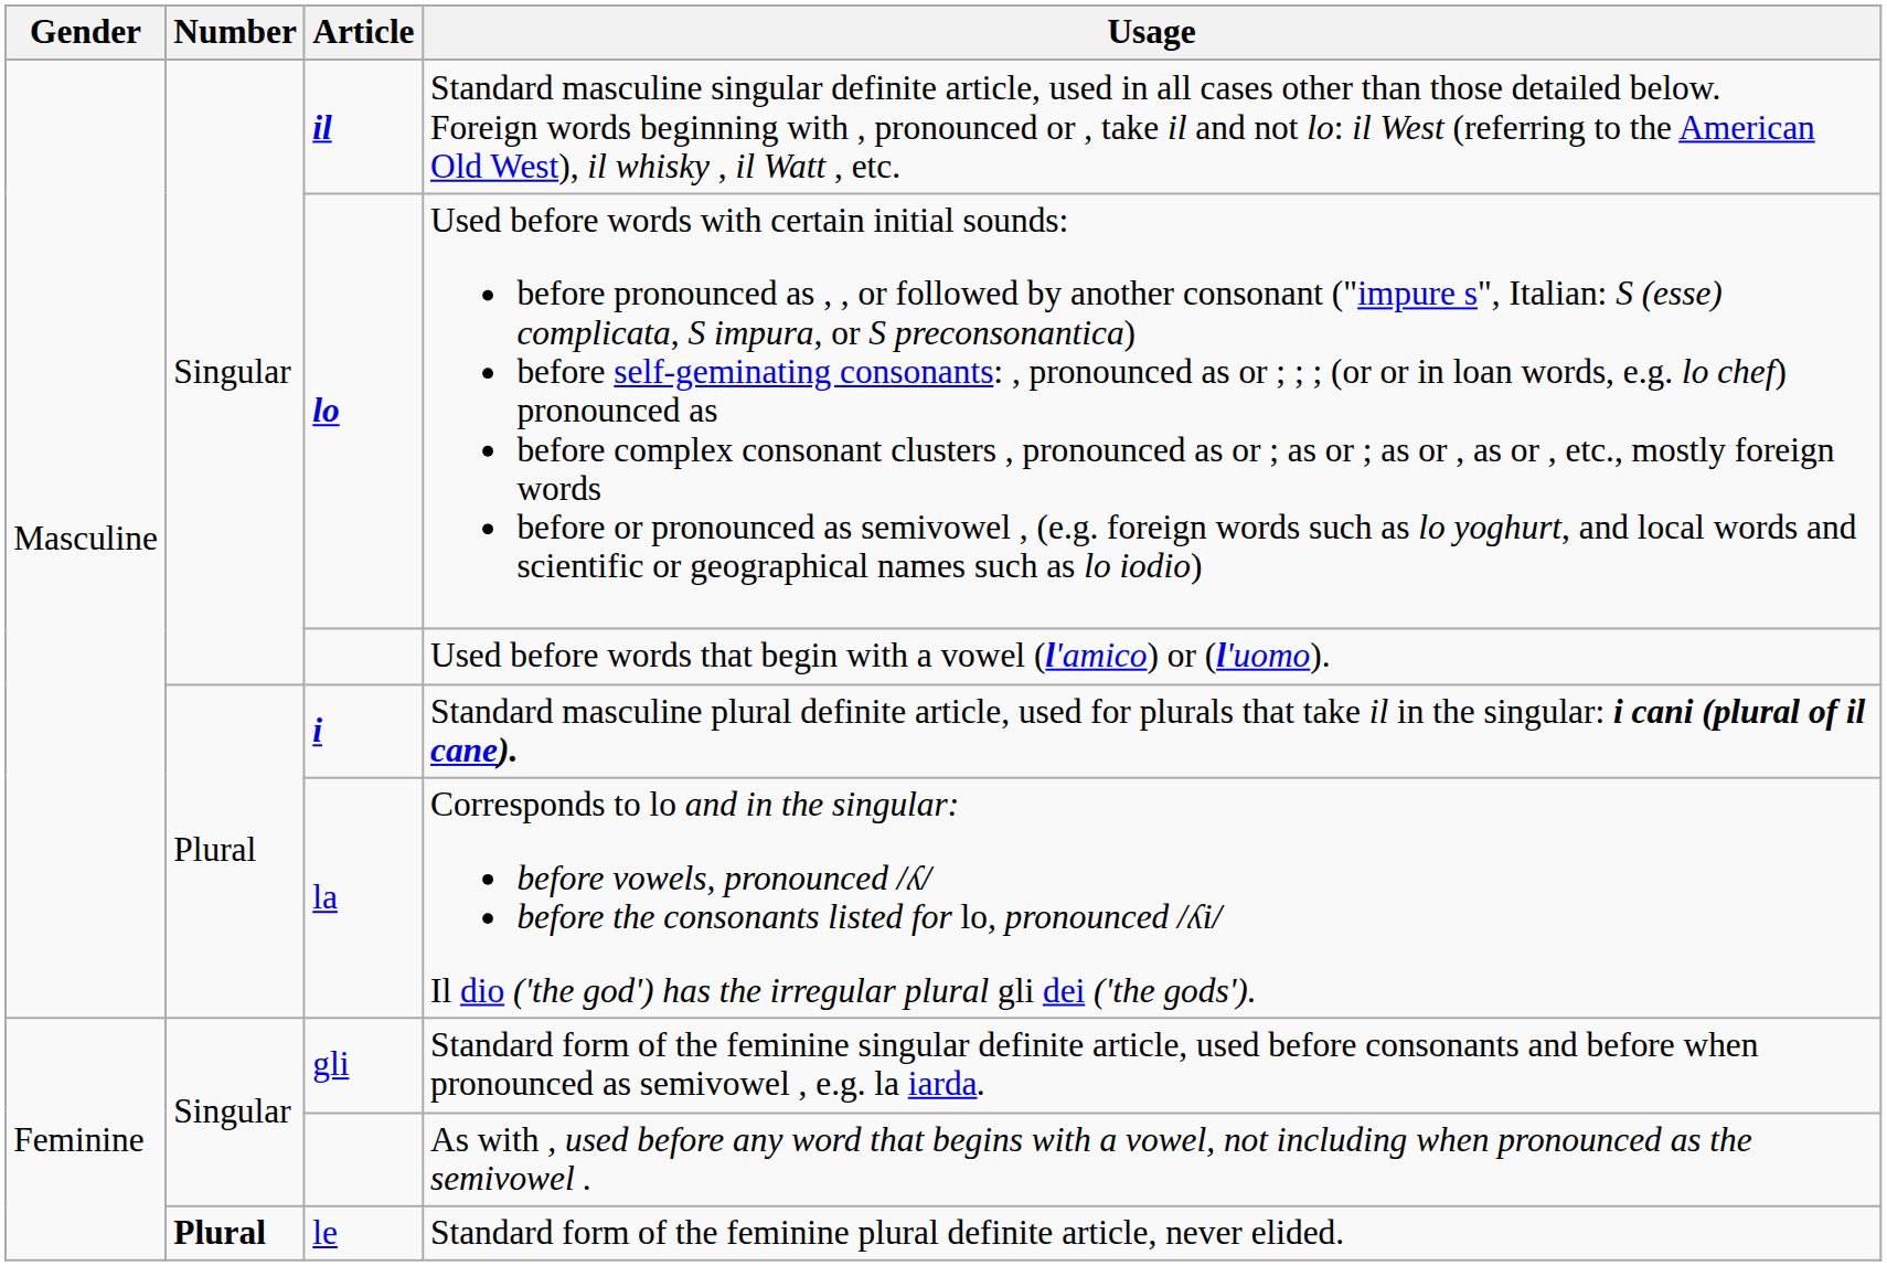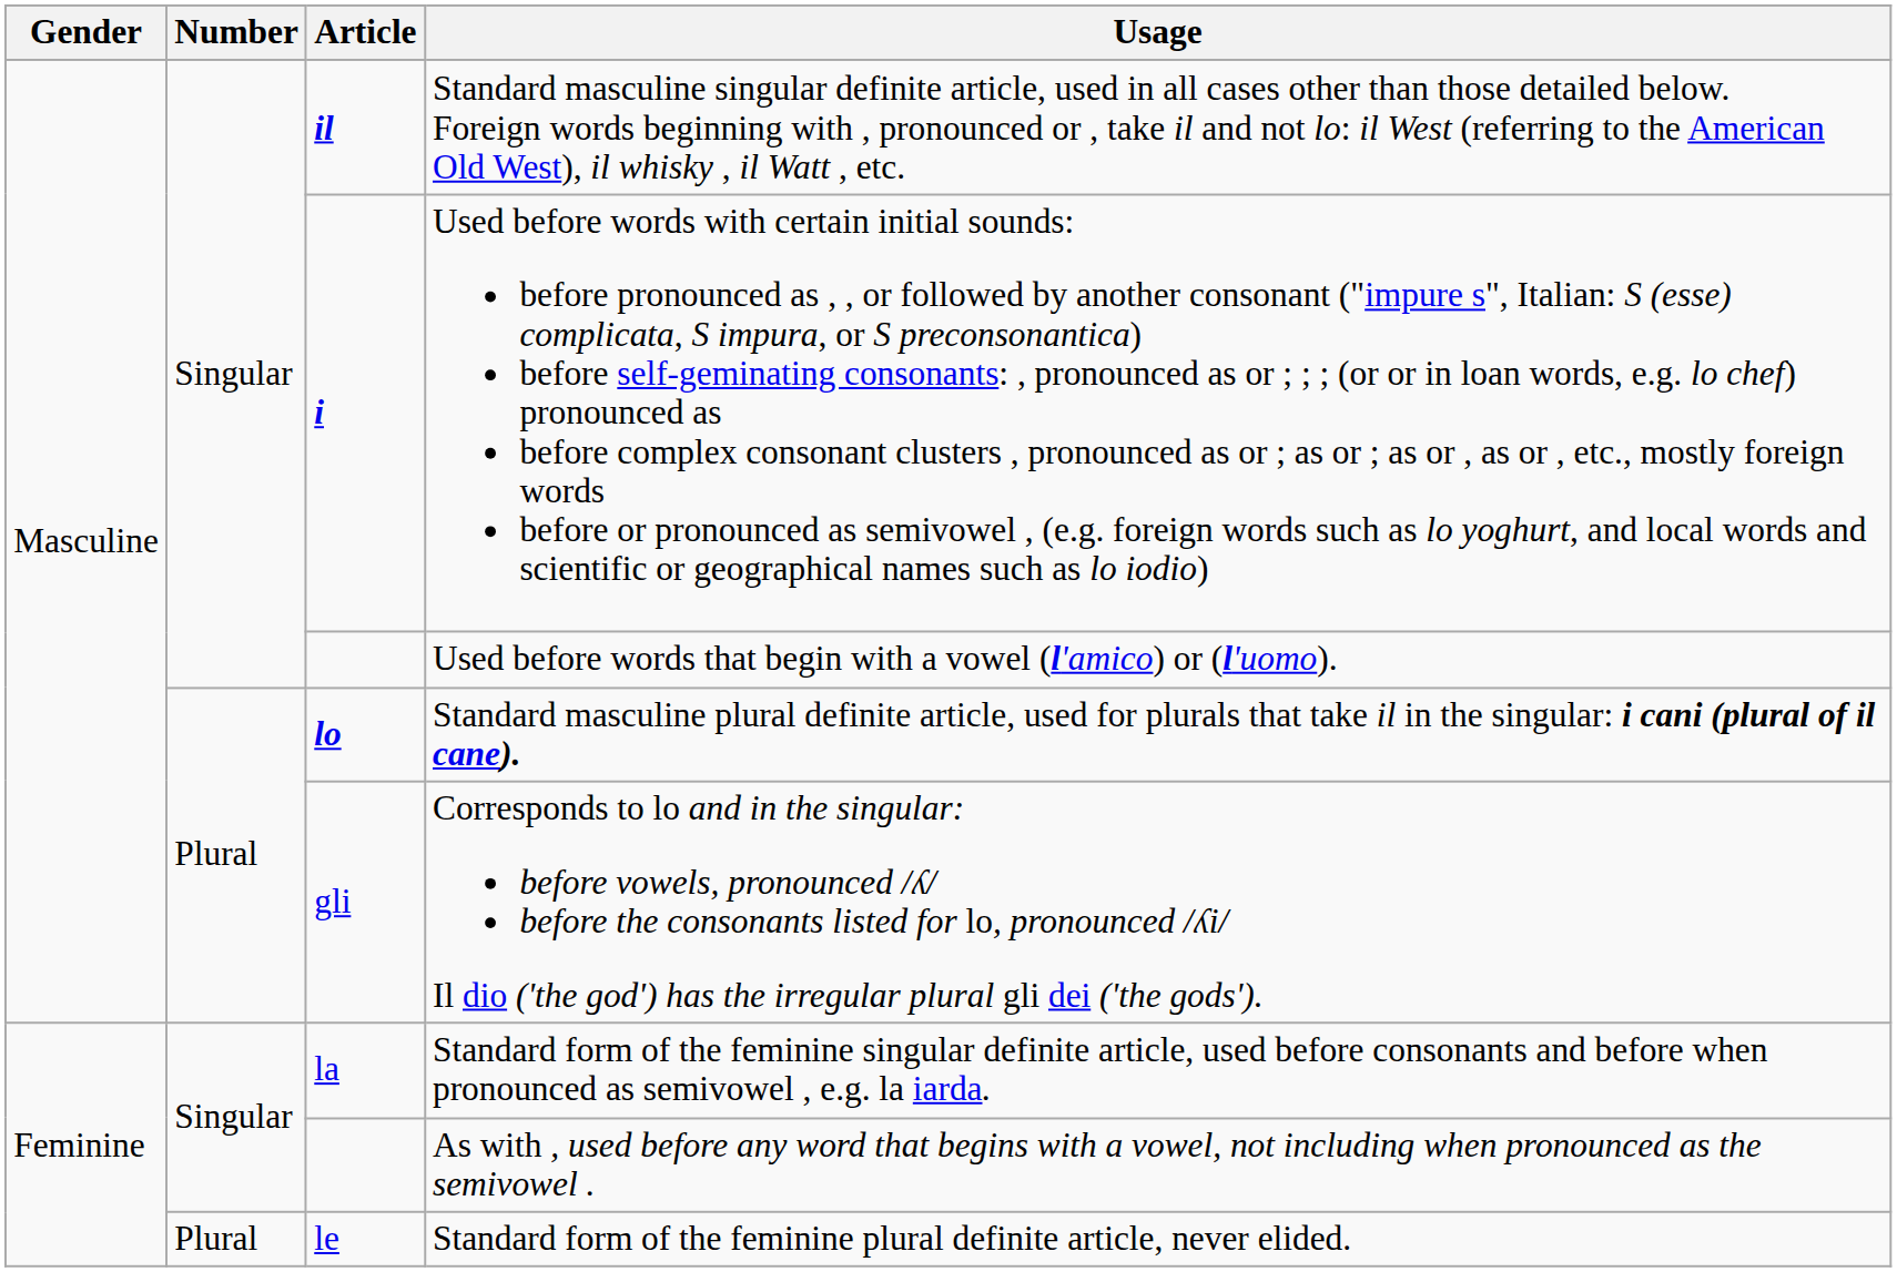 <table class="wikitable" border="1">
 <tr>
 <th>Gender</th>
 <th>Number</th>
 <th>Article</th>
 <th>Usage</th>
 </tr>
 <tr>
 <td rowspan=5>Masculine</td>
 <td rowspan=3>Singular</td>
 <td><em><a href='#'><strong>il</strong></a></em></td>
 <td>Standard masculine singular definite article, used in all cases other than those detailed below.<br>Foreign words beginning with , pronounced  or , take <em>il</em> and not <em>lo</em>: <em>il West</em>  (referring to the <a href='#'>American Old West</a>), <em>il whisky</em> , <em>il Watt</em> , etc.</td>
 </tr>
 <tr>
-<td><em><a href='#'><strong>lo</strong></a></em></td>
+<td><em><a href='#'><strong>i</strong></a></em></td>
 <td>Used before words with certain initial sounds:<br><ul><li>before  pronounced as , , or  followed by another consonant ("<a href='#'>impure s</a>", Italian: <em>S (esse) complicata</em>, <em>S impura</em>, or <em>S preconsonantica</em>)</li><li>before <a href='#'>self-geminating consonants</a>: , pronounced as  or ; ; ;  (or  or  in loan words, e.g. <em>lo chef</em>) pronounced as </li><li>before complex consonant clusters , pronounced as  or ;  as  or ;  as  or ,  as  or , etc., mostly foreign words</li><li>before  or  pronounced as semivowel , (e.g. foreign words such as <em>lo yoghurt</em>, and local words and scientific or geographical names such as <em>lo iodio</em>)</li></ul></td>
 </tr>
 <tr>
 <td><em><a href='#'><strong></strong></a></em></td>
 <td>Used before words that begin with a vowel (<em><a href='#'><strong>l</strong>'amico</a></em>) or   (<em><a href='#'><strong>l</strong>'uomo</a></em>).</td>
 </tr>
 <tr>
 <td rowspan=2>Plural</td>
-<td><em><a href='#'><strong>i</strong></a></em></td>
+<td><em><a href='#'><strong>lo</strong></a></em></td>
 <td>Standard masculine plural definite article, used for plurals that take <em>il</em> in the singular: <strong><em>i<strong> cani<em> (plural of </em>il <a href='#'>cane</a><em>).</td>
 </tr>
 <tr>
-<td></em><a href='#'></strong>la<strong></a><em></td>
+<td></em><a href='#'></strong>gli<strong></a><em></td>
 <td>Corresponds to </em>lo<em> and </em><em> in the singular:<br><ul><li>before vowels, pronounced /ʎ/</li><li>before the consonants listed for </em>lo<em>, pronounced /ʎi/</li></ul></em>Il <a href='#'>dio</a><em> ('the god') has the irregular plural </em>gli <a href='#'>dei</a><em> ('the gods').</td>
 </tr>
 <tr>
 <td rowspan=3>Feminine</td>
 <td rowspan=2>Singular</td>
-<td></em><a href='#'></strong>gli<strong></a><em></td>
+<td></em><a href='#'></strong>la<strong></a><em></td>
 <td>Standard form of the feminine singular definite article, used before consonants and before  when pronounced as semivowel , e.g. </em>la <a href='#'>iarda</a><em>.</td>
 </tr>
 <tr>
 <td></em><a href='#'></strong><strong></a><em></td>
 <td>As with </em><em>, used before any word that begins with a vowel, not including  when pronounced as the semivowel .</td>
 </tr>
 <tr>
-<td><strong>Plural</strong></td>
+<td>Plural</td>
 <td></em><a href='#'></strong>le<strong></a><em></td>
 <td>Standard form of the feminine plural definite article, never elided.</td>
 </tr>
 </table>
